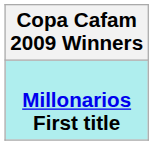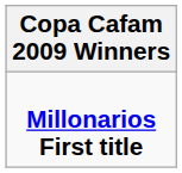 <table class="wikitable" style="text-align: center; margin: 0 auto;">
 <tr>
 <th>Copa Cafam<br>2009 Winners</th>
 </tr>
 <tr>
-<td style="background: paleturquoise;"><br><strong><a href='#'>Millonarios</a></strong><br><strong>First title</strong></td>
+<td><br><strong><a href='#'>Millonarios</a></strong><br><strong>First title</strong></td>
 </tr>
 </table>
